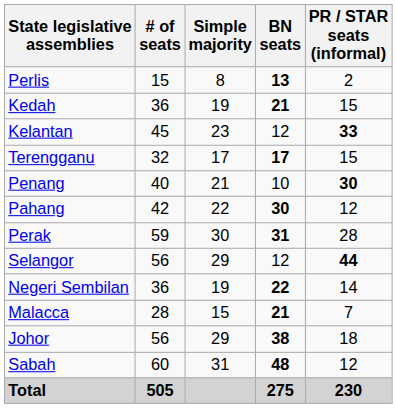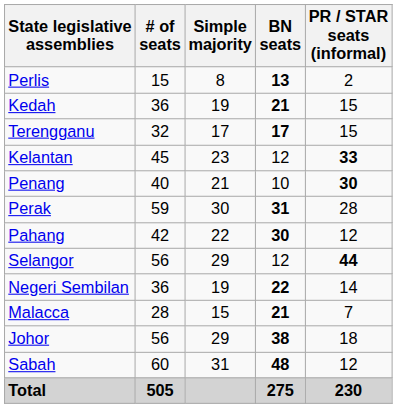 <table class="wikitable sortable" style="text-align:center">
 <tr>
 <th>State legislative<br>assemblies</th>
 <th># of<br>seats</th>
 <th>Simple<br>majority</th>
 <th>BN<br>seats</th>
 <th>PR / STAR<br>seats<br>(informal)</th>
 </tr>
 <tr>
 <td style="text-align:left"> <a href='#'>Perlis</a></td>
 <td>15</td>
 <td>8</td>
 <td><strong>13</strong></td>
 <td>2</td>
 </tr>
 <tr>
 <td style="text-align:left"> <a href='#'>Kedah</a></td>
 <td>36</td>
 <td>19</td>
 <td><strong>21</strong></td>
 <td>15</td>
 </tr>
 <tr>
+<td style="text-align:left"> <a href='#'>Terengganu</a></td>
+<td>32</td>
+<td>17</td>
+<td><strong>17</strong></td>
+<td>15</td>
+</tr>
+<tr>
 <td style="text-align:left"> <a href='#'>Kelantan</a></td>
 <td>45</td>
 <td>23</td>
 <td>12</td>
 <td><strong>33</strong></td>
-</tr>
-<tr>
-<td style="text-align:left"> <a href='#'>Terengganu</a></td>
-<td>32</td>
-<td>17</td>
-<td><strong>17</strong></td>
-<td>15</td>
 </tr>
 <tr>
 <td style="text-align:left"> <a href='#'>Penang</a></td>
 <td>40</td>
 <td>21</td>
 <td>10</td>
 <td><strong>30</strong></td>
 </tr>
 <tr>
+<td style="text-align:left"> <a href='#'>Perak</a></td>
+<td>59</td>
+<td>30</td>
+<td><strong>31</strong></td>
+<td>28</td>
+</tr>
+<tr>
 <td style="text-align:left"> <a href='#'>Pahang</a></td>
 <td>42</td>
 <td>22</td>
 <td><strong>30</strong></td>
 <td>12</td>
-</tr>
-<tr>
-<td style="text-align:left"> <a href='#'>Perak</a></td>
-<td>59</td>
-<td>30</td>
-<td><strong>31</strong></td>
-<td>28</td>
 </tr>
 <tr>
 <td style="text-align:left"> <a href='#'>Selangor</a></td>
 <td>56</td>
 <td>29</td>
 <td>12</td>
 <td><strong>44</strong></td>
 </tr>
 <tr>
 <td style="text-align:left"> <a href='#'>Negeri Sembilan</a></td>
 <td>36</td>
 <td>19</td>
 <td><strong>22</strong></td>
 <td>14</td>
 </tr>
 <tr>
 <td style="text-align:left"> <a href='#'>Malacca</a></td>
 <td>28</td>
 <td>15</td>
 <td><strong>21</strong></td>
 <td>7</td>
 </tr>
 <tr>
 <td style="text-align:left"> <a href='#'>Johor</a></td>
 <td>56</td>
 <td>29</td>
 <td><strong>38</strong></td>
 <td>18</td>
 </tr>
 <tr>
 <td style="text-align:left"> <a href='#'>Sabah</a></td>
 <td>60</td>
 <td>31</td>
 <td><strong>48</strong></td>
 <td>12</td>
 </tr>
 <tr class="sortbottom" bgcolor="lightgrey">
 <td style="text-align:left"><strong>Total</strong></td>
 <td><strong>505</strong></td>
 <td></td>
 <td><span><strong>275</strong></span></td>
 <td><span><strong>230</strong></span></td>
 </tr>
 </table>
